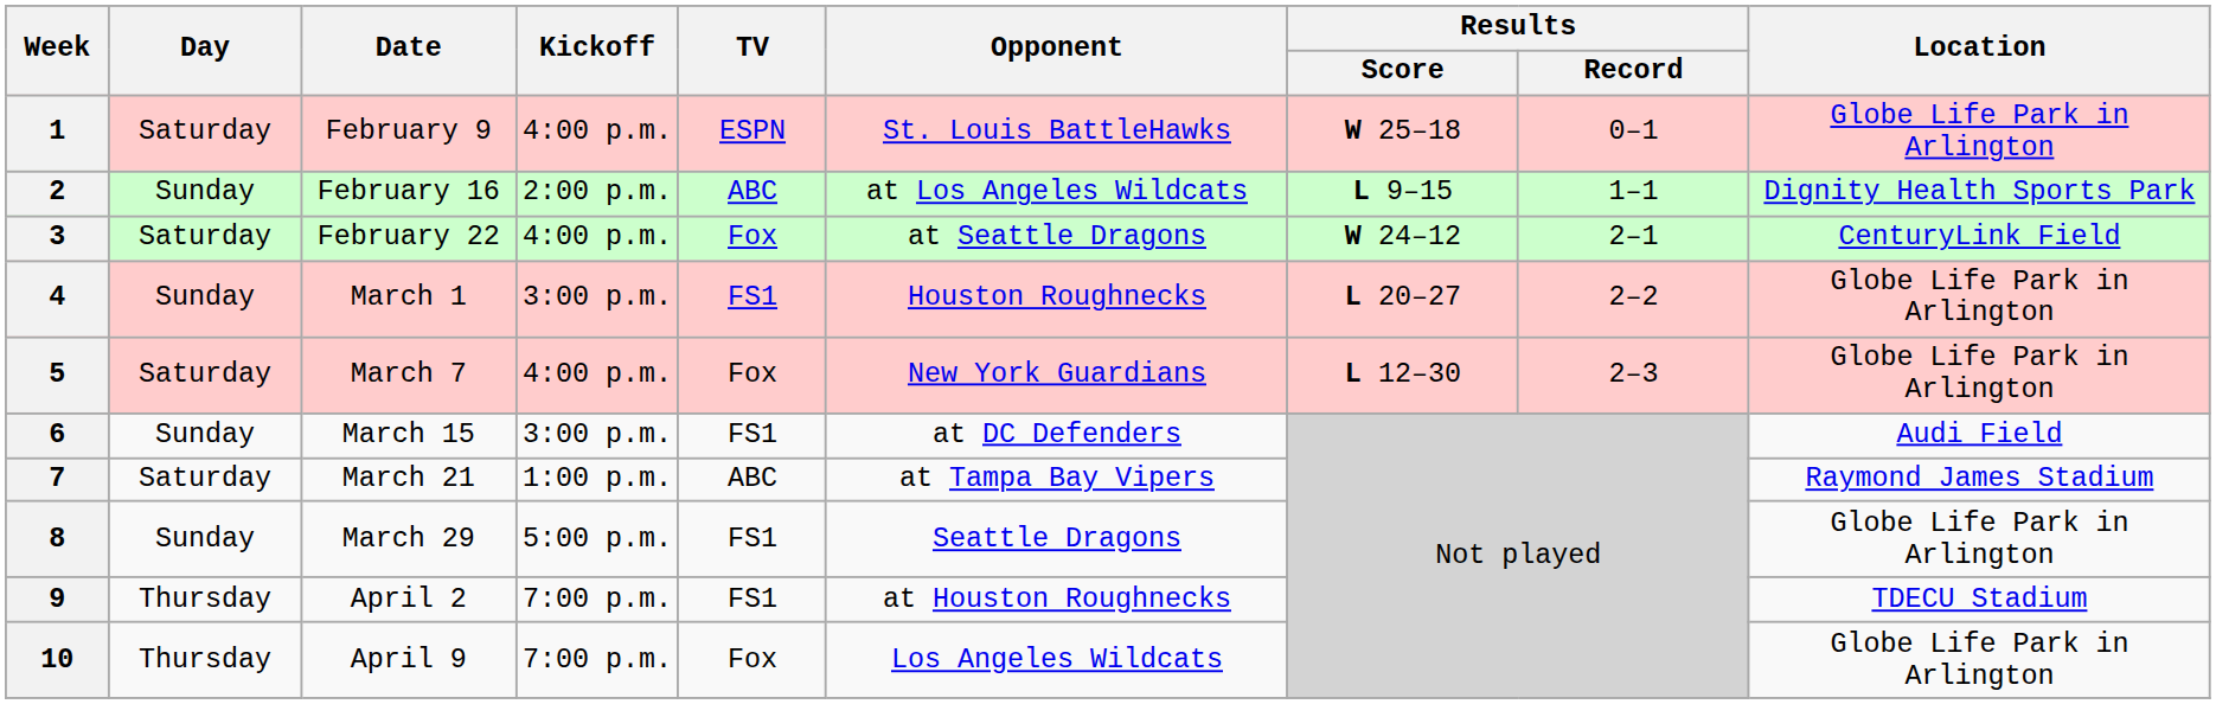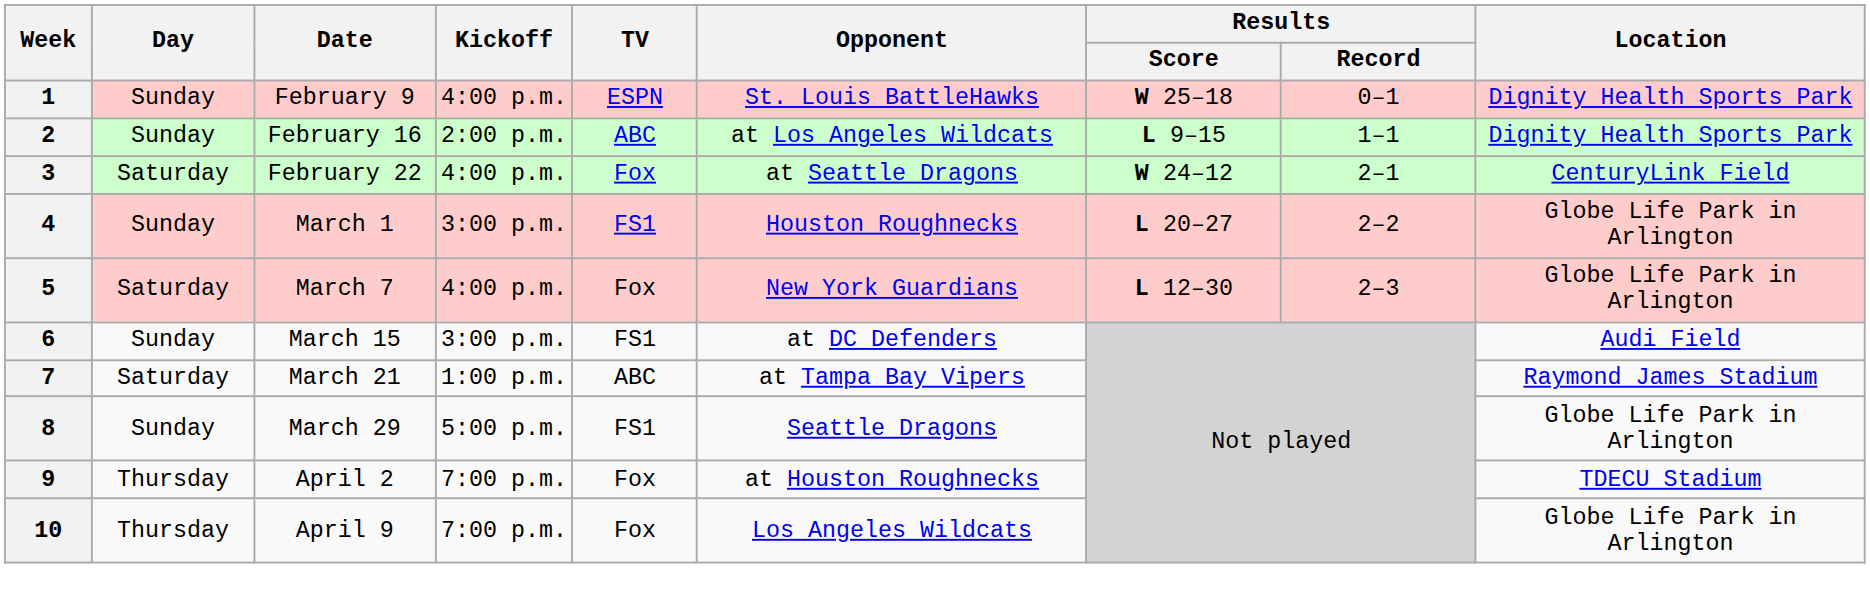 <table class="wikitable" style="text-align:center; font-size: 95%;">
 <tr>
 <th rowspan="2" width="40">Week</th>
 <th rowspan="2" width="80">Day</th>
 <th rowspan="2" width="90">Date</th>
 <th rowspan="2" width="60">Kickoff</th>
 <th rowspan="2" width="60">TV</th>
 <th rowspan="2" width="200">Opponent</th>
 <th colspan="2" width="200">Results</th>
 <th rowspan="2" width="200">Location</th>
 </tr>
 <tr>
 <th width="60">Score</th>
 <th width="60">Record</th>
 </tr>
 <tr bgcolor=#ffcccc>
 <th>1</th>
-<td>Saturday</td>
+<td>Sunday</td>
 <td>February 9</td>
 <td>4:00 p.m.</td>
 <td><a href='#'>ESPN</a></td>
 <td><a href='#'>St. Louis BattleHawks</a></td>
 <td><strong>W</strong> 25–18</td>
 <td>0–1</td>
-<td><a href='#'>Globe Life Park in Arlington</a></td>
+<td><a href='#'>Dignity Health Sports Park</a></td>
 </tr>
 <tr bgcolor=#ccffcc>
 <th>2</th>
 <td>Sunday</td>
 <td>February 16</td>
 <td>2:00 p.m.</td>
 <td><a href='#'>ABC</a></td>
 <td>at <a href='#'>Los Angeles Wildcats</a></td>
 <td><strong>L</strong> 9–15</td>
 <td>1–1</td>
 <td><a href='#'>Dignity Health Sports Park</a></td>
 </tr>
 <tr bgcolor=#ccffcc>
 <th>3</th>
 <td>Saturday</td>
 <td>February 22</td>
 <td>4:00 p.m.</td>
 <td><a href='#'>Fox</a></td>
 <td>at <a href='#'>Seattle Dragons</a></td>
 <td><strong>W</strong> 24–12</td>
 <td>2–1</td>
 <td><a href='#'>CenturyLink Field</a></td>
 </tr>
 <tr bgcolor=#ffcccc>
 <th>4</th>
 <td>Sunday</td>
 <td>March 1</td>
 <td>3:00 p.m.</td>
 <td><a href='#'>FS1</a></td>
 <td><a href='#'>Houston Roughnecks</a></td>
 <td><strong>L</strong> 20–27</td>
 <td>2–2</td>
 <td>Globe Life Park in Arlington</td>
 </tr>
 <tr bgcolor=#ffcccc>
 <th>5</th>
 <td>Saturday</td>
 <td>March 7</td>
 <td>4:00 p.m.</td>
 <td>Fox</td>
 <td><a href='#'>New York Guardians</a></td>
 <td><strong>L</strong> 12–30</td>
 <td>2–3</td>
 <td>Globe Life Park in Arlington</td>
 </tr>
 <tr bgcolor=>
 <th>6</th>
 <td>Sunday</td>
 <td>March 15</td>
 <td>3:00 p.m.</td>
 <td>FS1</td>
 <td>at <a href='#'>DC Defenders</a></td>
 <td colspan=2 rowspan=5 bgcolor=lightgrey>Not played</td>
 <td><a href='#'>Audi Field</a></td>
 </tr>
 <tr bgcolor=>
 <th>7</th>
 <td>Saturday</td>
 <td>March 21</td>
 <td>1:00 p.m.</td>
 <td>ABC</td>
 <td>at <a href='#'>Tampa Bay Vipers</a></td>
 <td><a href='#'>Raymond James Stadium</a></td>
 </tr>
 <tr bgcolor=>
 <th>8</th>
 <td>Sunday</td>
 <td>March 29</td>
 <td>5:00 p.m.</td>
 <td>FS1</td>
 <td><a href='#'>Seattle Dragons</a></td>
 <td>Globe Life Park in Arlington</td>
 </tr>
 <tr bgcolor=>
 <th>9</th>
 <td>Thursday</td>
 <td>April 2</td>
 <td>7:00 p.m.</td>
-<td>FS1</td>
+<td>Fox</td>
 <td>at <a href='#'>Houston Roughnecks</a></td>
 <td><a href='#'>TDECU Stadium</a></td>
 </tr>
 <tr bgcolor=>
 <th>10</th>
 <td>Thursday</td>
 <td>April 9</td>
 <td>7:00 p.m.</td>
 <td>Fox</td>
 <td><a href='#'>Los Angeles Wildcats</a></td>
 <td>Globe Life Park in Arlington</td>
 </tr>
 </table>
